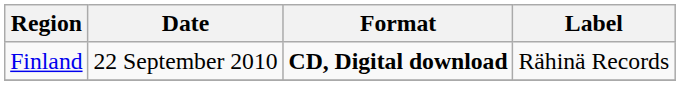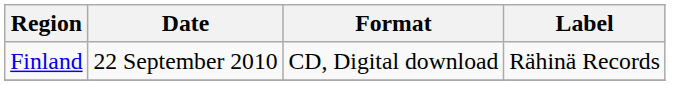 <table class=wikitable>
 <tr>
 <th>Region</th>
 <th>Date</th>
 <th>Format</th>
 <th>Label</th>
 </tr>
 <tr>
 <td><a href='#'>Finland</a></td>
 <td>22 September 2010</td>
-<td><strong>CD, Digital download</strong></td>
+<td>CD, Digital download</td>
 <td>Rähinä Records</td>
 </tr>
 <tr>
 </tr>
 </table>
